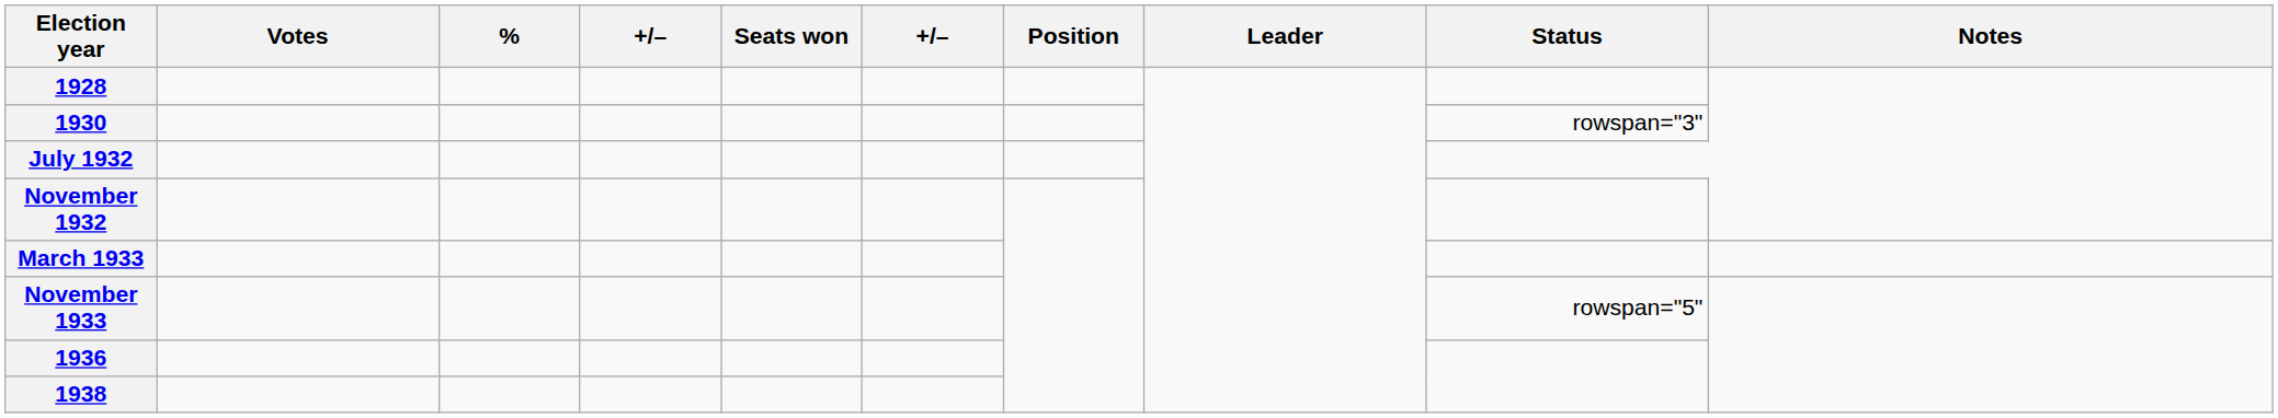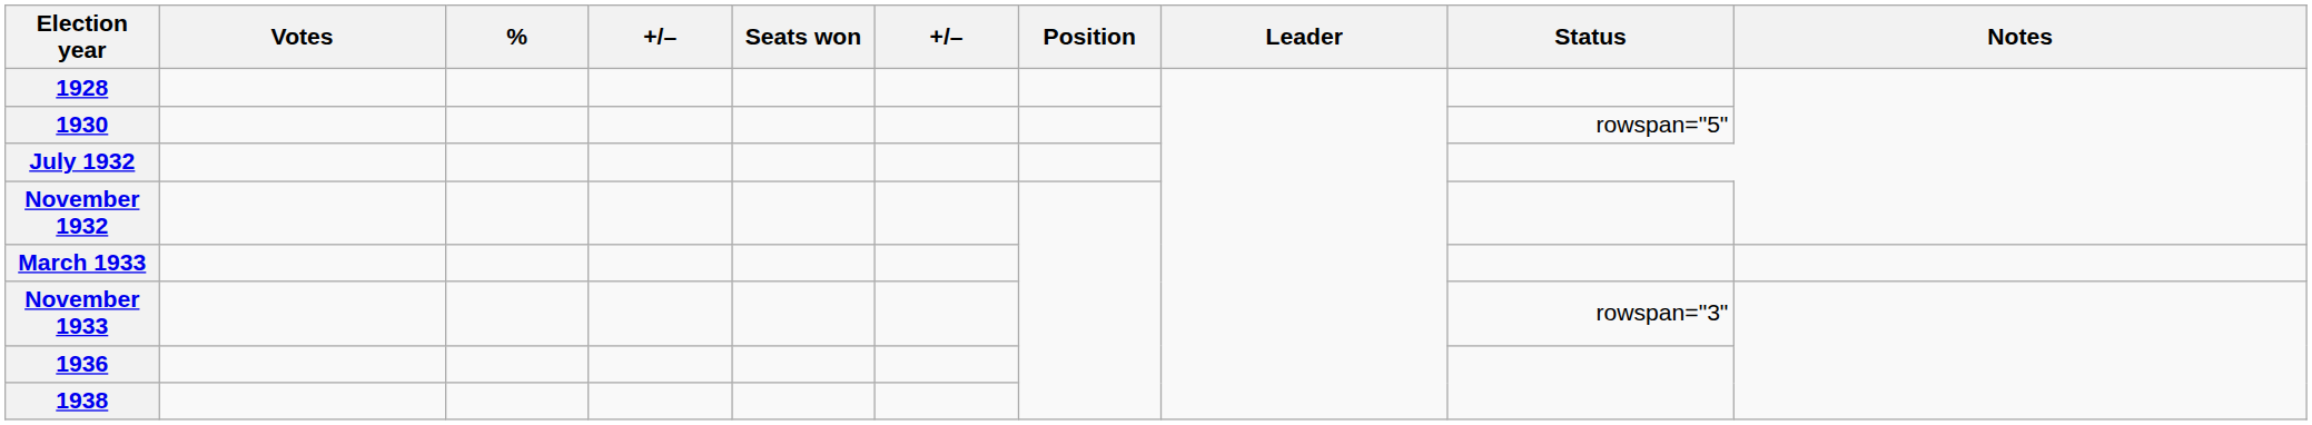 <table class=wikitable style="text-align: right;">
 <tr>
 <th width=5%>Election year</th>
 <th width=10%>Votes</th>
 <th width=5%>%</th>
 <th width=5%>+/–</th>
 <th width=5%>Seats won</th>
 <th width=5%>+/–</th>
 <th width=5%>Position</th>
 <th width=10%>Leader</th>
 <th width=10%>Status</th>
 <th width=20%>Notes</th>
 </tr>
 <tr>
 <th><a href='#'>1928</a></th>
 <td></td>
 <td></td>
 <td></td>
 <td></td>
 <td></td>
 <td></td>
 <td rowspan="8"></td>
 <td></td>
 </tr>
 <tr>
 <th><a href='#'>1930</a></th>
 <td></td>
 <td></td>
 <td></td>
 <td></td>
 <td></td>
 <td></td>
-<td>rowspan="3" </td>
+<td>rowspan="5" </td>
 </tr>
 <tr>
 <th><a href='#'>July 1932</a></th>
 <td></td>
 <td></td>
 <td></td>
 <td></td>
 <td></td>
 <td></td>
 </tr>
 <tr>
 <th><a href='#'>November 1932</a></th>
 <td></td>
 <td></td>
 <td></td>
 <td></td>
 <td></td>
 <td rowspan="5"></td>
 <td></td>
 </tr>
 <tr>
 <th><a href='#'>March 1933</a></th>
 <td></td>
 <td></td>
 <td></td>
 <td></td>
 <td></td>
 <td></td>
 <td></td>
 </tr>
 <tr>
 <th><a href='#'>November 1933</a></th>
 <td></td>
 <td></td>
 <td></td>
 <td></td>
 <td></td>
-<td>rowspan="5" </td>
+<td>rowspan="3" </td>
 <td rowspan="3"></td>
 </tr>
 <tr>
 <th><a href='#'>1936</a></th>
 <td></td>
 <td></td>
 <td></td>
 <td></td>
 <td></td>
 </tr>
 <tr>
 <th><a href='#'>1938</a></th>
 <td></td>
 <td></td>
 <td></td>
 <td></td>
 <td></td>
 </tr>
 </table>
